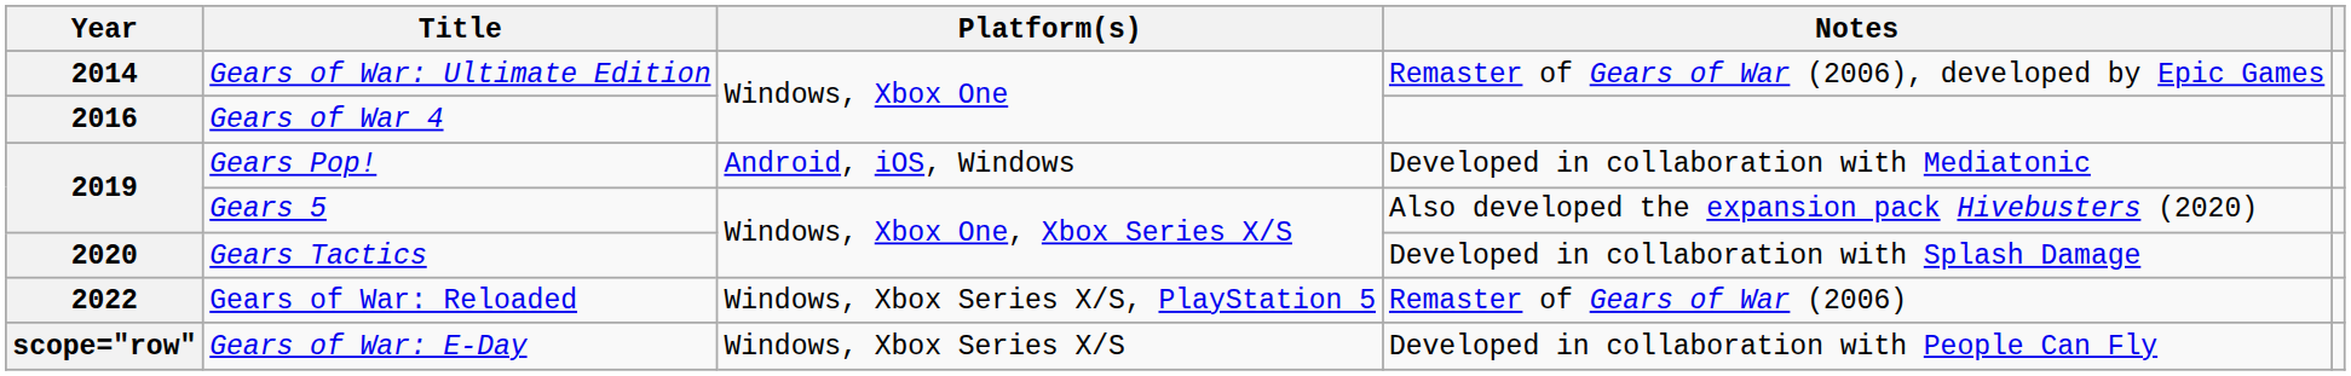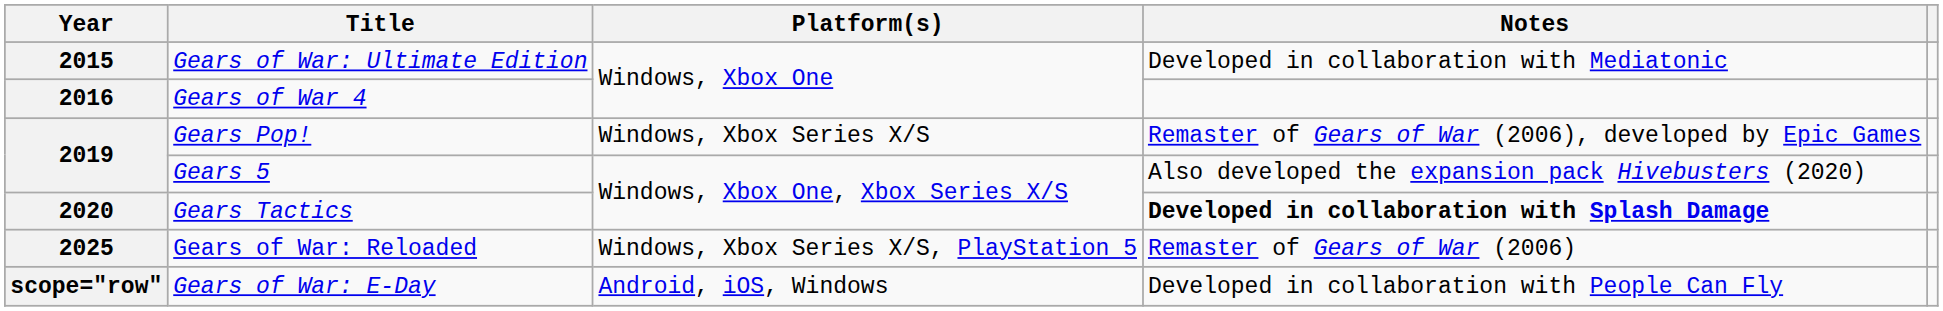 <table class="wikitable sortable plainrowheaders">
 <tr>
 <th scope="col">Year</th>
 <th scope="col">Title</th>
 <th scope="col">Platform(s)</th>
 <th scope="col" class="unsortable">Notes</th>
 <th scope="col" class="unsortable"></th>
 </tr>
 <tr>
-<th scope="row">2014</th>
+<th scope="row">2015</th>
 <td><em><a href='#'>Gears of War: Ultimate Edition</a></em></td>
 <td rowspan="2">Windows, <a href='#'>Xbox One</a></td>
-<td><a href='#'>Remaster</a> of <em><a href='#'>Gears of War</a></em> (2006), developed by <a href='#'>Epic Games</a></td>
+<td>Developed in collaboration with <a href='#'>Mediatonic</a></td>
 <td></td>
 </tr>
 <tr>
 <th scope="row">2016</th>
 <td><em><a href='#'>Gears of War 4</a></em></td>
 <td></td>
 <td></td>
 </tr>
 <tr>
 <th scope="row" rowspan="2">2019</th>
 <td><em><a href='#'>Gears Pop!</a></em></td>
-<td><a href='#'>Android</a>, <a href='#'>iOS</a>, Windows</td>
-<td>Developed in collaboration with <a href='#'>Mediatonic</a></td>
+<td>Windows, Xbox Series X/S</td>
+<td><a href='#'>Remaster</a> of <em><a href='#'>Gears of War</a></em> (2006), developed by <a href='#'>Epic Games</a></td>
 <td></td>
 </tr>
 <tr>
 <td><em><a href='#'>Gears 5</a></em></td>
 <td rowspan="2">Windows, <a href='#'>Xbox One</a>, <a href='#'>Xbox Series X/S</a></td>
 <td>Also developed the <a href='#'>expansion pack</a> <em><a href='#'>Hivebusters</a></em> (2020)</td>
 <td></td>
 </tr>
 <tr>
 <th scope="row">2020</th>
 <td><em><a href='#'>Gears Tactics</a></em></td>
-<td>Developed in collaboration with <a href='#'>Splash Damage</a></td>
+<td><strong>Developed in collaboration with <a href='#'>Splash Damage</a></strong></td>
 <td></td>
 </tr>
 <tr>
-<th>2022</th>
+<th>2025</th>
 <td><a href='#'>Gears of War: Reloaded</a></td>
 <td>Windows, Xbox Series X/S, <a href='#'>PlayStation 5</a></td>
 <td><a href='#'>Remaster</a> of <em><a href='#'>Gears of War</a></em> (2006)</td>
 <td></td>
 </tr>
 <tr>
 <th>scope="row" </th>
 <td><em><a href='#'>Gears of War: E-Day</a></em></td>
-<td>Windows, Xbox Series X/S</td>
+<td><a href='#'>Android</a>, <a href='#'>iOS</a>, Windows</td>
 <td>Developed in collaboration with <a href='#'>People Can Fly</a></td>
 <td></td>
 </tr>
 </table>
